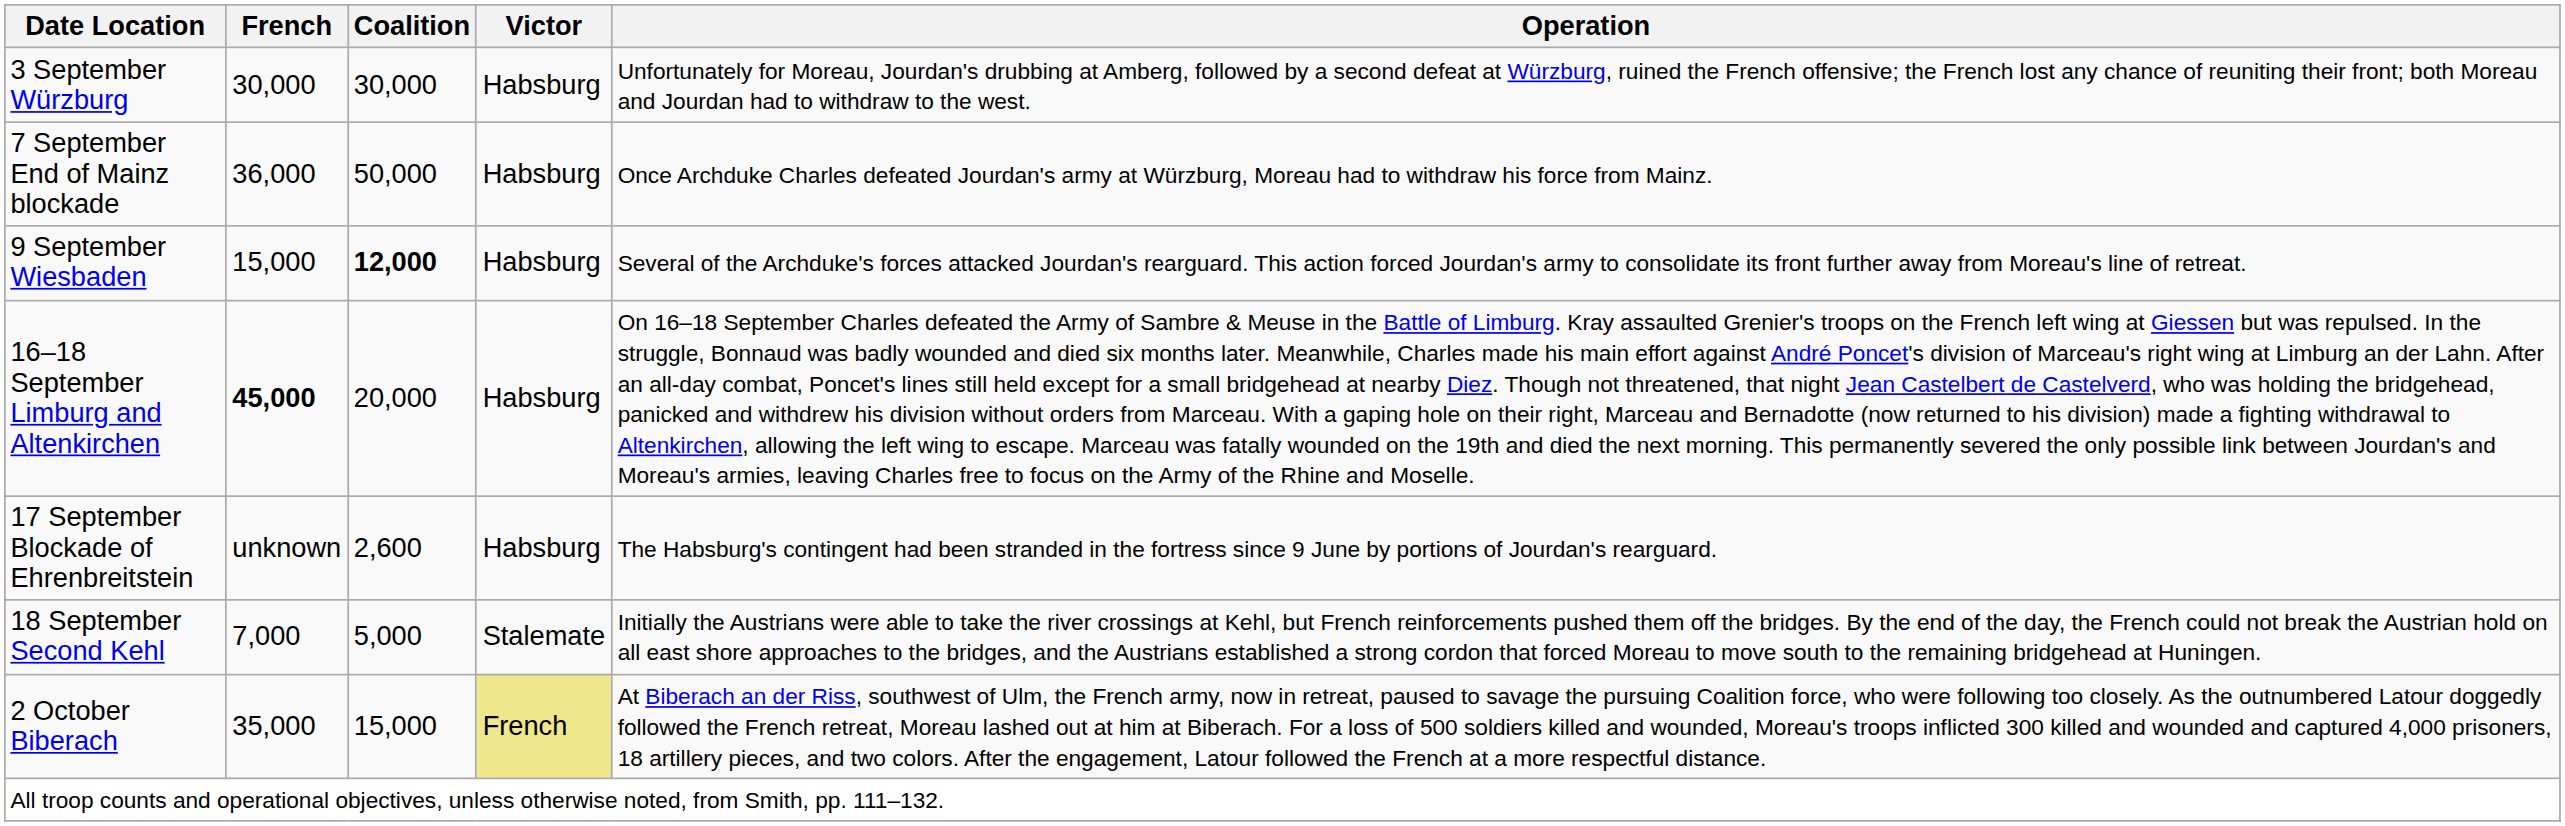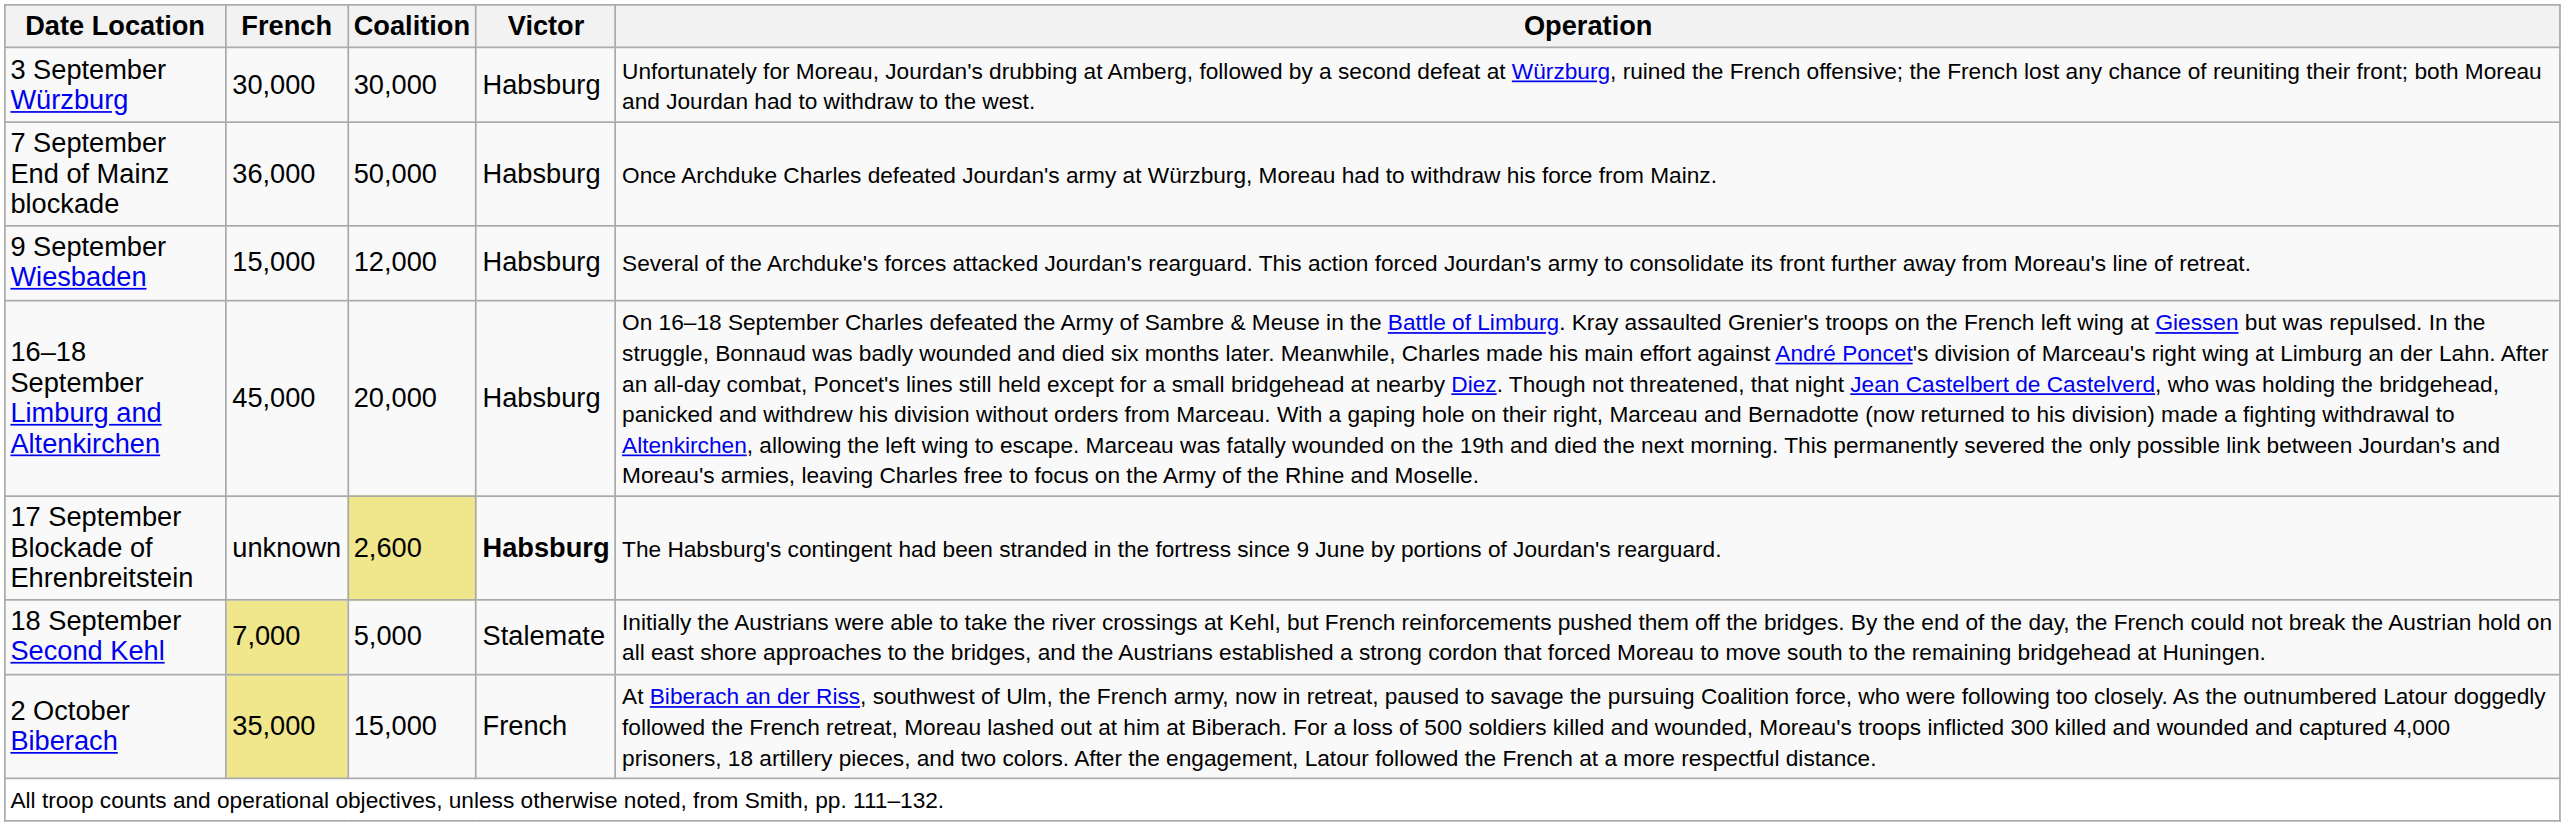 <table class="wikitable"  style="width:95%; margin:auto;">
 <tr>
 <th>Date Location</th>
 <th>French</th>
 <th>Coalition</th>
 <th>Victor</th>
 <th>Operation</th>
 </tr>
 <tr>
 <td>3 September<br><a href='#'>Würzburg</a></td>
 <td>30,000</td>
 <td>30,000</td>
 <td>Habsburg</td>
 <td><small> Unfortunately for Moreau, Jourdan's drubbing at Amberg, followed by a second defeat at <a href='#'>Würzburg</a>, ruined the French offensive; the French lost any chance of reuniting their front; both Moreau and Jourdan had to withdraw to the west.</small></td>
 </tr>
 <tr>
 <td>7 September <br>End of Mainz blockade</td>
 <td>36,000</td>
 <td>50,000</td>
 <td>Habsburg</td>
 <td><small>Once Archduke Charles defeated Jourdan's army at Würzburg, Moreau had to withdraw his force from Mainz.</small></td>
 </tr>
 <tr>
 <td>9 September<br><a href='#'>Wiesbaden</a></td>
 <td>15,000</td>
-<td><strong>12,000</strong></td>
+<td>12,000</td>
 <td>Habsburg</td>
 <td><small>Several of the Archduke's forces attacked Jourdan's rearguard. This action forced Jourdan's army to consolidate its front further away from Moreau's line of retreat.</small></td>
 </tr>
 <tr>
 <td>16–18 September <br><a href='#'>Limburg and Altenkirchen</a></td>
-<td><strong>45,000</strong></td>
+<td>45,000</td>
 <td>20,000</td>
 <td>Habsburg</td>
 <td><small>On 16–18 September Charles defeated the Army of Sambre & Meuse in the <a href='#'>Battle of Limburg</a>. Kray assaulted Grenier's troops on the French left wing at <a href='#'>Giessen</a> but was repulsed. In the struggle, Bonnaud was badly wounded and died six months later. Meanwhile, Charles made his main effort against <a href='#'>André Poncet</a>'s division of Marceau's right wing at Limburg an der Lahn. After an all-day combat, Poncet's lines still held except for a small bridgehead at nearby <a href='#'>Diez</a>. Though not threatened, that night <a href='#'>Jean Castelbert de Castelverd</a>, who was holding the bridgehead, panicked and withdrew his division without orders from Marceau. With a gaping hole on their right, Marceau and Bernadotte (now returned to his division) made a fighting withdrawal to <a href='#'>Altenkirchen</a>, allowing the left wing to escape. Marceau was fatally wounded on the 19th and died the next morning. This permanently severed the only possible link between Jourdan's and Moreau's armies, leaving Charles free to focus on the Army of the Rhine and Moselle.</small></td>
 </tr>
 <tr>
 <td>17 September<br>Blockade of Ehrenbreitstein</td>
 <td>unknown</td>
-<td>2,600</td>
-<td>Habsburg</td>
+<td style="background: khaki;">2,600</td>
+<td><strong>Habsburg</strong></td>
 <td><small>The Habsburg's contingent had been stranded in the fortress since 9 June by portions of Jourdan's rearguard.</small></td>
 </tr>
 <tr>
 <td>18 September <br><a href='#'>Second Kehl</a></td>
-<td>7,000</td>
+<td style="background: khaki;">7,000</td>
 <td>5,000</td>
 <td>Stalemate</td>
 <td><small>Initially the Austrians were able to take the river crossings at Kehl, but French reinforcements pushed them off the bridges.  By the end of the day, the French could not break the Austrian hold on all east shore approaches to the bridges, and the Austrians established a strong cordon that forced Moreau to move south to the remaining bridgehead at Huningen.</small></td>
 </tr>
 <tr>
 <td>2 October<br><a href='#'>Biberach</a></td>
-<td>35,000</td>
+<td style="background: khaki;">35,000</td>
 <td>15,000</td>
-<td style="background: khaki;">French</td>
+<td>French</td>
 <td><small>At <a href='#'>Biberach an der Riss</a>,  southwest of Ulm, the French army, now in retreat, paused to savage the pursuing Coalition force, who were following too closely. As the outnumbered Latour doggedly followed the French retreat, Moreau lashed out at him at Biberach. For a loss of 500 soldiers killed and wounded, Moreau's troops inflicted 300 killed and wounded and captured 4,000 prisoners, 18 artillery pieces, and two colors. After the engagement, Latour followed the French at a more respectful distance.</small></td>
 </tr>
 <tr>
 <td colspan="11" style="background:white;"><small>All troop counts and operational objectives, unless otherwise noted, from  Smith, pp. 111–132.</small></td>
 </tr>
 </table>
